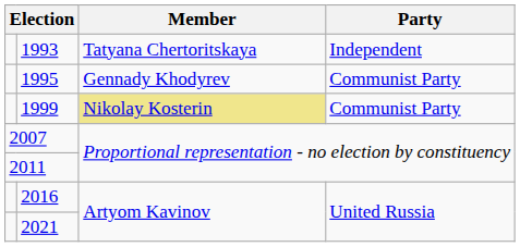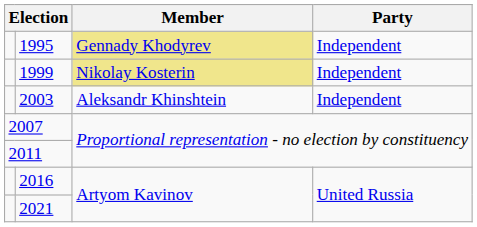 <table class="wikitable">
 <tr>
 <th colspan="2">Election</th>
 <th>Member</th>
 <th>Party</th>
 </tr>
 <tr>
 <td style="background-color:"></td>
-<td><a href='#'>1993</a></td>
-<td><a href='#'>Tatyana Chertoritskaya</a></td>
+<td><a href='#'>1995</a></td>
+<td style="background: khaki;"><a href='#'>Gennady Khodyrev</a></td>
 <td><a href='#'>Independent</a></td>
-</tr>
-<tr>
-<td style="background-color:"></td>
-<td><a href='#'>1995</a></td>
-<td><a href='#'>Gennady Khodyrev</a></td>
-<td><a href='#'>Communist Party</a></td>
 </tr>
 <tr>
 <td style="background-color:"></td>
 <td><a href='#'>1999</a></td>
 <td style="background: khaki;"><a href='#'>Nikolay Kosterin</a></td>
-<td><a href='#'>Communist Party</a></td>
+<td><a href='#'>Independent</a></td>
+</tr>
+<tr>
+<td style="background-color:"></td>
+<td><a href='#'>2003</a></td>
+<td><a href='#'>Aleksandr Khinshtein</a></td>
+<td><a href='#'>Independent</a></td>
 </tr>
 <tr>
 <td colspan=2><a href='#'>2007</a></td>
 <td colspan=2 rowspan=2><em><a href='#'>Proportional representation</a> - no election by constituency</em></td>
 </tr>
 <tr>
 <td colspan=2><a href='#'>2011</a></td>
 </tr>
 <tr>
 <td style="background-color: "></td>
 <td><a href='#'>2016</a></td>
 <td rowspan=2><a href='#'>Artyom Kavinov</a></td>
 <td rowspan=2><a href='#'>United Russia</a></td>
 </tr>
 <tr>
 <td style="background-color: "></td>
 <td><a href='#'>2021</a></td>
 </tr>
 </table>
